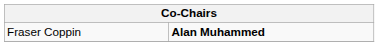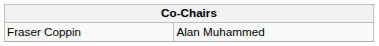 <table class="wikitable" width="32%">
 <tr>
 <th colspan=2>Co-Chairs</th>
 </tr>
 <tr>
 <td>Fraser Coppin</td>
-<td><strong>Alan Muhammed</strong></td>
+<td>Alan Muhammed</td>
 </tr>
 <tr>
 </tr>
 </table>
